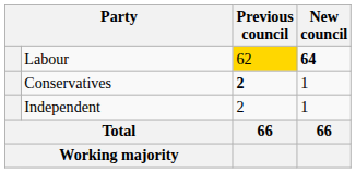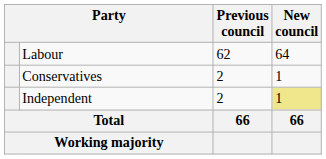 <table class="wikitable">
 <tr>
 <th valign=top colspan="2" style="width: 230px">Party</th>
 <th valign=top style="width: 30px">Previous council</th>
 <th valign=top style="width: 30px">New council</th>
 </tr>
 <tr>
 <th style="background-color: "></th>
 <td>Labour</td>
-<td style="background: gold;">62</td>
-<td><strong>64</strong></td>
+<td>62</td>
+<td>64</td>
 </tr>
 <tr>
 <th style="background-color: "></th>
 <td>Conservatives</td>
-<td><strong>2</strong></td>
+<td>2</td>
 <td>1</td>
 </tr>
 <tr>
 <th style="background-color: "></th>
 <td>Independent</td>
 <td>2</td>
-<td>1</td>
+<td style="background: khaki;">1</td>
 </tr>
 <tr>
 <th colspan=2>Total</th>
 <th style="text-align: center">66</th>
 <th colspan=3>66</th>
 </tr>
 <tr>
 <th colspan=2>Working majority</th>
 <th></th>
 <th></th>
 </tr>
 </table>
